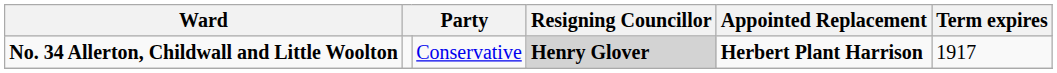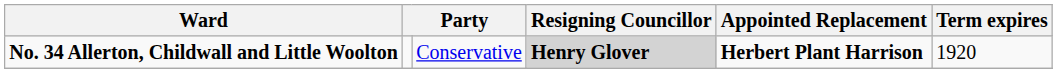 <table class="wikitable">
 <tr>
 <th>Ward</th>
 <th colspan="2">Party</th>
 <th>Resigning Councillor</th>
 <th>Appointed Replacement</th>
 <th>Term expires</th>
 </tr>
 <tr>
 <td><strong>No. 34 Allerton, Childwall and Little Woolton</strong></td>
 <td style="background-color:"></td>
 <td><a href='#'>Conservative</a></td>
 <td style="background: lightgrey;"><strong>Henry Glover</strong></td>
 <td><strong>Herbert Plant Harrison</strong></td>
-<td>1917</td>
+<td>1920</td>
 </tr>
 <tr>
 </tr>
 </table>
